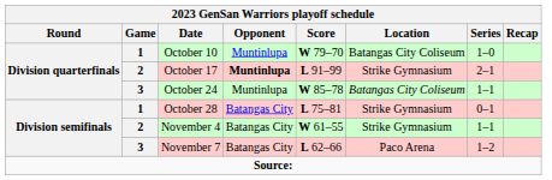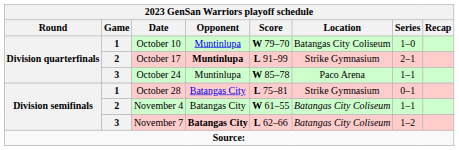 <table class="wikitable" style="text-align:center">
 <tr>
 <th colspan=8>2023 GenSan Warriors playoff schedule</th>
 </tr>
 <tr>
 <th>Round</th>
 <th>Game</th>
 <th>Date</th>
 <th>Opponent</th>
 <th>Score</th>
 <th>Location</th>
 <th>Series</th>
 <th>Recap<br></th>
 </tr>
 <tr style="background:#cfc">
 <th rowspan=3>Division quarterfinals</th>
 <th>1</th>
 <td>October 10</td>
 <td><a href='#'>Muntinlupa</a></td>
 <td><strong>W</strong> 79–70</td>
 <td>Batangas City Coliseum</td>
 <td>1–0</td>
 <td></td>
 </tr>
 <tr style="background:#fcc">
 <th>2</th>
 <td>October 17</td>
 <td><strong>Muntinlupa</strong></td>
 <td><strong>L</strong> 91–99</td>
 <td>Strike Gymnasium</td>
 <td>2–1</td>
 <td></td>
 </tr>
 <tr style="background:#cfc">
 <th>3</th>
 <td>October 24</td>
 <td>Muntinlupa</td>
 <td><strong>W</strong> 85–78</td>
-<td><em>Batangas City Coliseum</em></td>
+<td>Paco Arena</td>
 <td>1–1</td>
 <td><br></td>
 </tr>
 <tr style="background:#fcc">
 <th rowspan=3>Division semifinals</th>
 <th>1</th>
 <td>October 28</td>
 <td><a href='#'>Batangas City</a></td>
 <td><strong>L</strong> 75–81</td>
 <td>Strike Gymnasium</td>
 <td>0–1</td>
 <td></td>
 </tr>
 <tr style="background:#cfc">
 <th>2</th>
 <td>November 4</td>
 <td>Batangas City</td>
 <td><strong>W</strong> 61–55</td>
-<td>Strike Gymnasium</td>
+<td><em>Batangas City Coliseum</em></td>
 <td>1–1</td>
 <td></td>
 </tr>
 <tr style="background:#fcc">
 <th>3</th>
 <td>November 7</td>
-<td>Batangas City</td>
+<td><strong>Batangas City</strong></td>
 <td><strong>L</strong> 62–66</td>
-<td>Paco Arena</td>
+<td><em>Batangas City Coliseum</em></td>
 <td>1–2</td>
 <td></td>
 </tr>
 <tr>
 <td colspan=8 align=center><strong>Source: </strong></td>
 </tr>
 </table>
